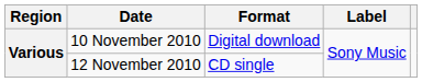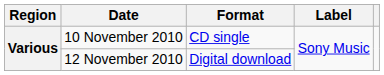 <table class="wikitable plainrowheaders">
 <tr>
 <th scope="col">Region</th>
 <th scope="col">Date</th>
 <th scope="col">Format</th>
 <th scope="col">Label</th>
 <th scope="col"></th>
 </tr>
 <tr>
 <th scope="row" rowspan="2">Various</th>
 <td>10 November 2010</td>
-<td><a href='#'>Digital download</a></td>
+<td><a href='#'>CD single</a></td>
 <td rowspan="2"><a href='#'>Sony Music</a></td>
 <td rowspan="2"></td>
 </tr>
 <tr>
 <td>12 November 2010</td>
-<td><a href='#'>CD single</a></td>
+<td><a href='#'>Digital download</a></td>
 </tr>
 </table>
